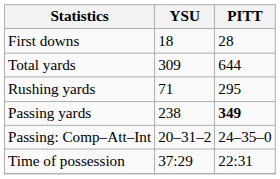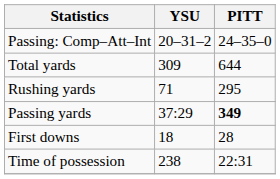 <table class="wikitable" style="float: left;">
 <tr>
 <th>Statistics</th>
 <th>YSU</th>
 <th>PITT</th>
 </tr>
 <tr>
-<td>First downs</td>
-<td>18</td>
-<td>28</td>
+<td>Passing: Comp–Att–Int</td>
+<td>20–31–2</td>
+<td>24–35–0</td>
 </tr>
 <tr>
 <td>Total yards</td>
 <td>309</td>
 <td>644</td>
 </tr>
 <tr>
 <td>Rushing yards</td>
 <td>71</td>
 <td>295</td>
 </tr>
 <tr>
 <td>Passing yards</td>
-<td>238</td>
+<td>37:29</td>
 <td><strong>349</strong></td>
 </tr>
 <tr>
-<td>Passing: Comp–Att–Int</td>
-<td>20–31–2</td>
-<td>24–35–0</td>
+<td>First downs</td>
+<td>18</td>
+<td>28</td>
 </tr>
 <tr>
 <td>Time of possession</td>
-<td>37:29</td>
+<td>238</td>
 <td>22:31</td>
 </tr>
 <tr>
 </tr>
 </table>
